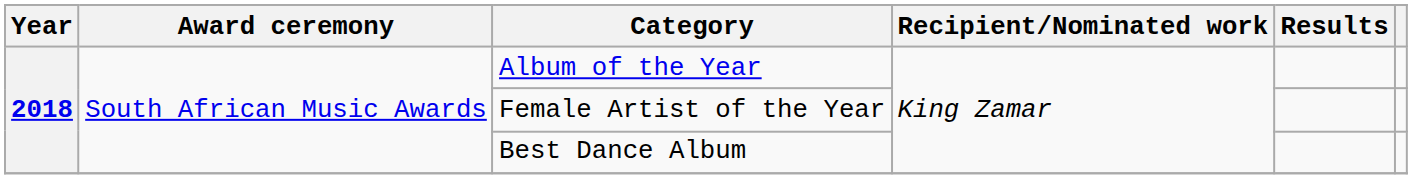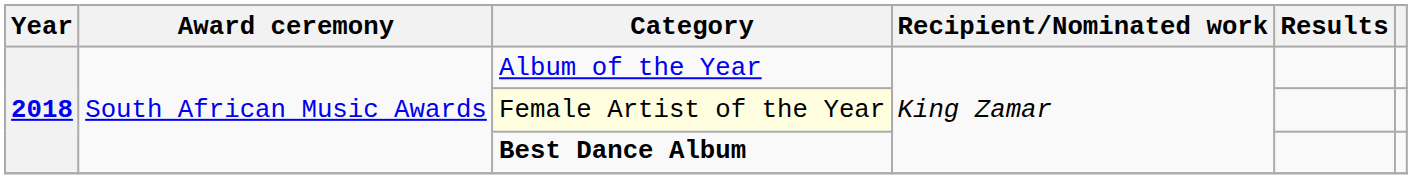 <table class="wikitable">
 <tr>
 <th>Year</th>
 <th>Award ceremony</th>
 <th>Category</th>
 <th>Recipient/Nominated work</th>
 <th>Results</th>
 <th></th>
 </tr>
 <tr>
 <th rowspan="3"><a href='#'>2018</a></th>
 <td rowspan="3"><a href='#'>South African Music Awards</a></td>
 <td><a href='#'>Album of the Year</a></td>
 <td rowspan="3"><em>King Zamar</em></td>
 <td></td>
 <td></td>
 </tr>
 <tr>
-<td>Female Artist of the Year</td>
+<td style="background: lightyellow;">Female Artist of the Year</td>
 <td></td>
 <td></td>
 </tr>
 <tr>
-<td>Best Dance Album</td>
+<td><strong>Best Dance Album</strong></td>
 <td></td>
 <td></td>
 </tr>
 <tr>
 </tr>
 </table>
